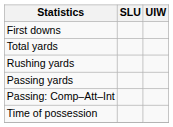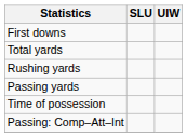 <table class="wikitable" style="float: left;">
 <tr>
 <th>Statistics</th>
 <th>SLU</th>
 <th>UIW</th>
 </tr>
 <tr>
 <td>First downs</td>
 <td></td>
 <td></td>
 </tr>
 <tr>
 <td>Total yards</td>
 <td></td>
 <td></td>
 </tr>
 <tr>
 <td>Rushing yards</td>
 <td></td>
 <td></td>
 </tr>
 <tr>
 <td>Passing yards</td>
 <td></td>
 <td></td>
 </tr>
 <tr>
-<td>Passing: Comp–Att–Int</td>
+<td>Time of possession</td>
 <td></td>
 <td></td>
 </tr>
 <tr>
-<td>Time of possession</td>
+<td>Passing: Comp–Att–Int</td>
 <td></td>
 <td></td>
 </tr>
 <tr>
 </tr>
 </table>
